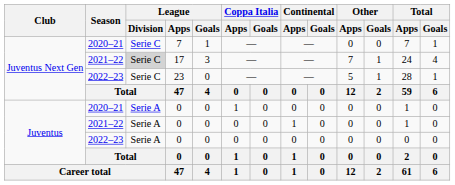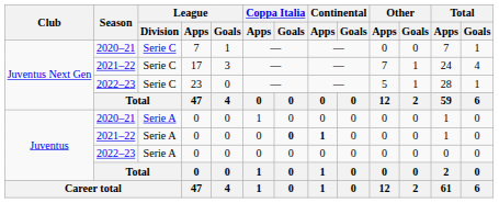 <table class="wikitable" style="text-align:center">
 <tr>
 <th rowspan="2">Club</th>
 <th rowspan="2">Season</th>
 <th colspan="3">League</th>
 <th colspan="2"><a href='#'>Coppa Italia</a></th>
 <th colspan="2">Continental</th>
 <th colspan="2">Other</th>
 <th colspan="2">Total</th>
 </tr>
 <tr>
 <th>Division</th>
 <th>Apps</th>
 <th>Goals</th>
 <th>Apps</th>
 <th>Goals</th>
 <th>Apps</th>
 <th>Goals</th>
 <th>Apps</th>
 <th>Goals</th>
 <th>Apps</th>
 <th>Goals</th>
 </tr>
 <tr>
 <td rowspan="4"><a href='#'>Juventus Next Gen</a></td>
 <td><a href='#'>2020–21</a></td>
 <td><a href='#'>Serie C</a></td>
 <td>7</td>
 <td>1</td>
 <td colspan="2">—</td>
 <td colspan="2">—</td>
 <td>0</td>
 <td>0</td>
 <td>7</td>
 <td>1</td>
 </tr>
 <tr>
 <td><a href='#'>2021–22</a></td>
-<td style="background: lightgrey;">Serie C</td>
+<td>Serie C</td>
 <td>17</td>
 <td>3</td>
 <td colspan="2">—</td>
 <td colspan="2">—</td>
 <td>7</td>
 <td>1</td>
 <td>24</td>
 <td>4</td>
 </tr>
 <tr>
 <td><a href='#'>2022–23</a></td>
 <td>Serie C</td>
 <td>23</td>
 <td>0</td>
 <td colspan="2">—</td>
 <td colspan="2">—</td>
 <td>5</td>
 <td>1</td>
 <td>28</td>
 <td>1</td>
 </tr>
 <tr>
 <th colspan="2">Total</th>
 <th>47</th>
 <th>4</th>
 <th>0</th>
 <th>0</th>
 <th>0</th>
 <th>0</th>
 <th>12</th>
 <th>2</th>
 <th>59</th>
 <th>6</th>
 </tr>
 <tr>
 <td rowspan="4"><a href='#'>Juventus</a></td>
 <td><a href='#'>2020–21</a></td>
 <td><a href='#'>Serie A</a></td>
 <td>0</td>
 <td>0</td>
 <td>1</td>
 <td>0</td>
 <td>0</td>
 <td>0</td>
 <td>0</td>
 <td>0</td>
 <td>1</td>
 <td>0</td>
 </tr>
 <tr>
 <td><a href='#'>2021–22</a></td>
 <td>Serie A</td>
 <td>0</td>
 <td>0</td>
 <td>0</td>
-<td>0</td>
-<td>1</td>
+<td><strong>0</strong></td>
+<td><strong>1</strong></td>
 <td>0</td>
 <td>0</td>
 <td>0</td>
 <td>1</td>
 <td>0</td>
 </tr>
 <tr>
 <td><a href='#'>2022–23</a></td>
 <td>Serie A</td>
 <td>0</td>
 <td>0</td>
 <td>0</td>
 <td>0</td>
 <td>0</td>
 <td>0</td>
 <td>0</td>
 <td>0</td>
 <td>0</td>
 <td>0</td>
 </tr>
 <tr>
 <th colspan="2">Total</th>
 <th>0</th>
 <th>0</th>
 <th>1</th>
 <th>0</th>
 <th>1</th>
 <th>0</th>
 <th>0</th>
 <th>0</th>
 <th>2</th>
 <th>0</th>
 </tr>
 <tr>
 <th colspan="3">Career total</th>
 <th>47</th>
 <th>4</th>
 <th>1</th>
 <th>0</th>
 <th>1</th>
 <th>0</th>
 <th>12</th>
 <th>2</th>
 <th>61</th>
 <th>6</th>
 </tr>
 </table>
